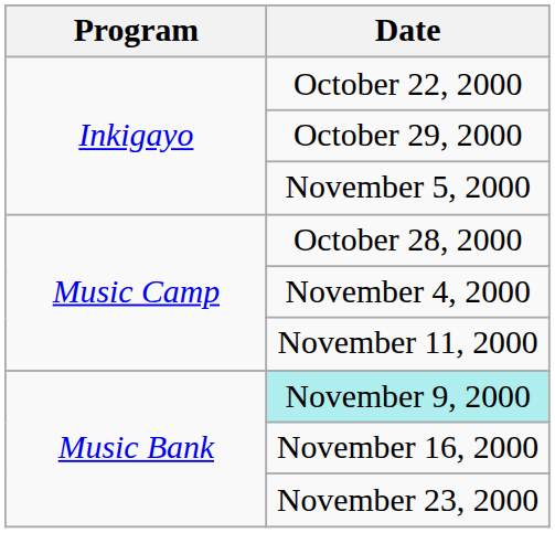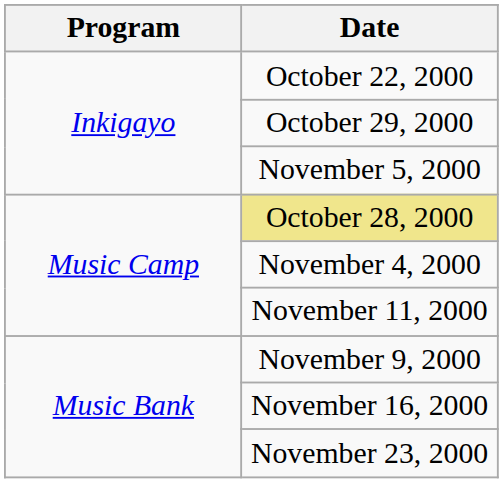 <table class="wikitable sortable plainrowheaders" style="text-align:center">
 <tr>
 <th width="120">Program</th>
 <th width="130">Date</th>
 </tr>
 <tr>
 <td rowspan="3"><em><a href='#'>Inkigayo</a></em></td>
 <td>October 22, 2000</td>
 </tr>
 <tr>
 <td>October 29, 2000</td>
 </tr>
 <tr>
 <td>November 5, 2000</td>
 </tr>
 <tr>
 <td rowspan="3"><em><a href='#'>Music Camp</a></em></td>
-<td>October 28, 2000</td>
+<td style="background: khaki;">October 28, 2000</td>
 </tr>
 <tr>
 <td>November 4, 2000</td>
 </tr>
 <tr>
 <td>November 11, 2000</td>
 </tr>
 <tr>
 <td rowspan="3"><em><a href='#'>Music Bank</a></em></td>
-<td style="background: paleturquoise;">November 9, 2000</td>
+<td>November 9, 2000</td>
 </tr>
 <tr>
 <td>November 16, 2000</td>
 </tr>
 <tr>
 <td>November 23, 2000</td>
 </tr>
 </table>
